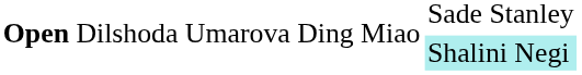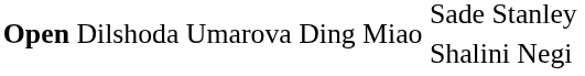 <table>
 <tr>
 <th scope=row rowspan=2>Open</th>
 <td rowspan=2> Dilshoda Umarova</td>
 <td rowspan=2> Ding Miao</td>
 <td> Sade Stanley</td>
 </tr>
 <tr>
-<td style="background: paleturquoise;"> Shalini Negi</td>
+<td> Shalini Negi</td>
 </tr>
 <tr>
 </tr>
 </table>
